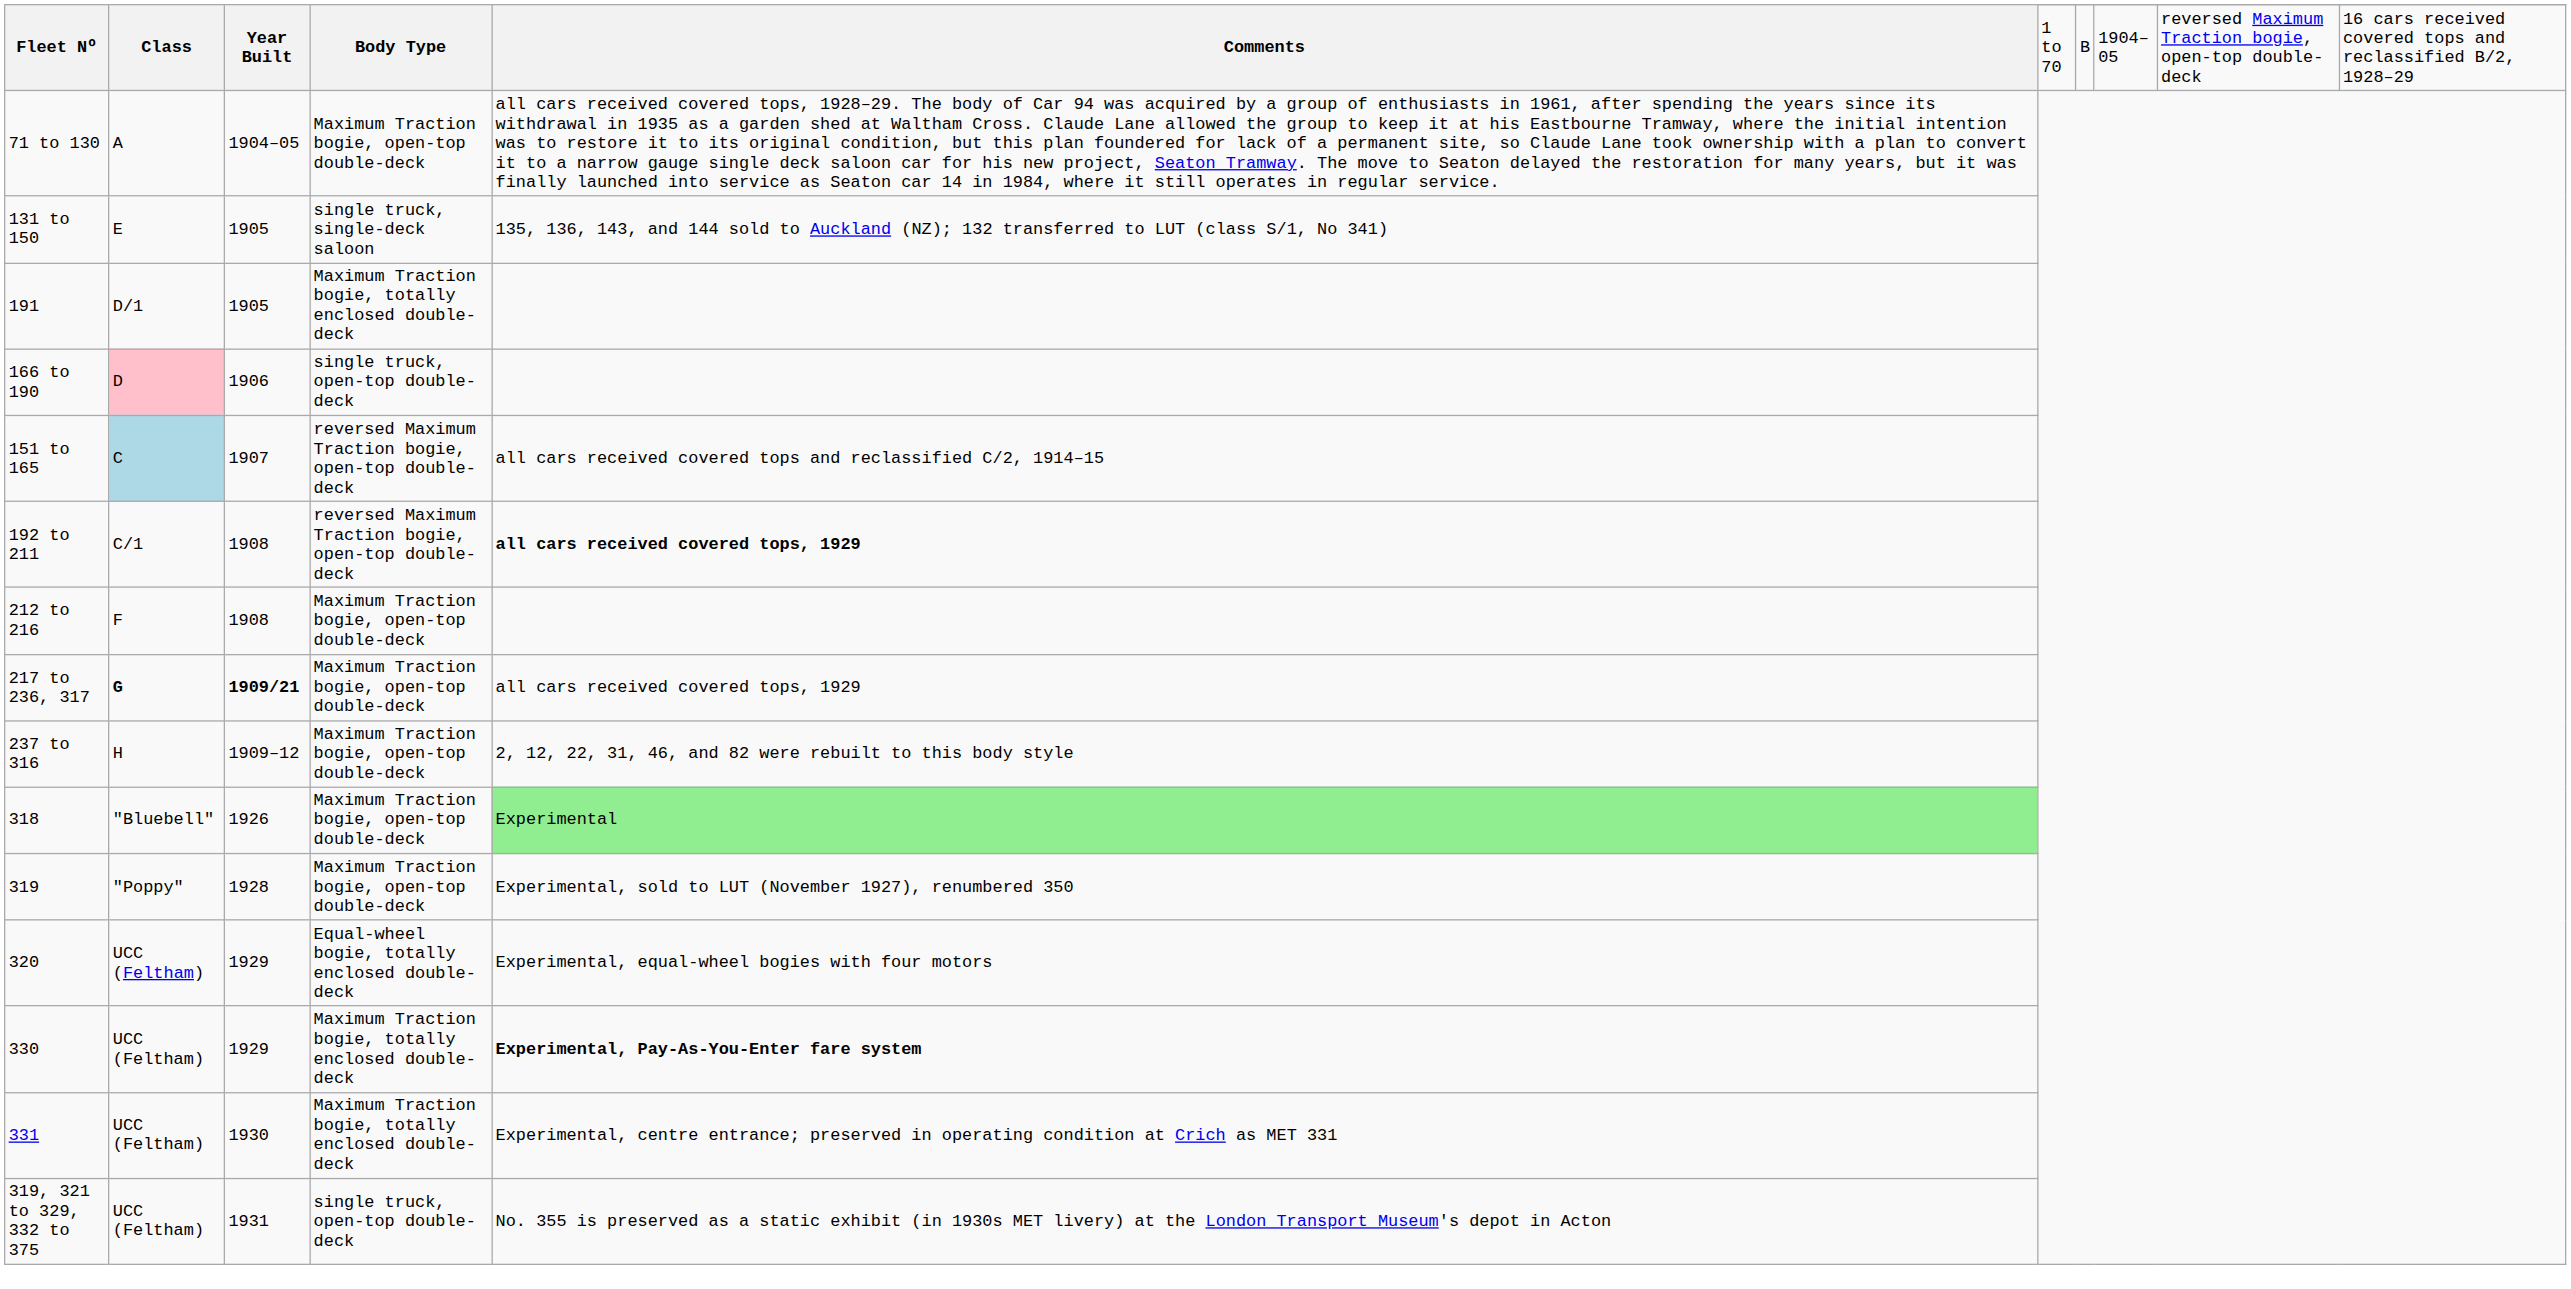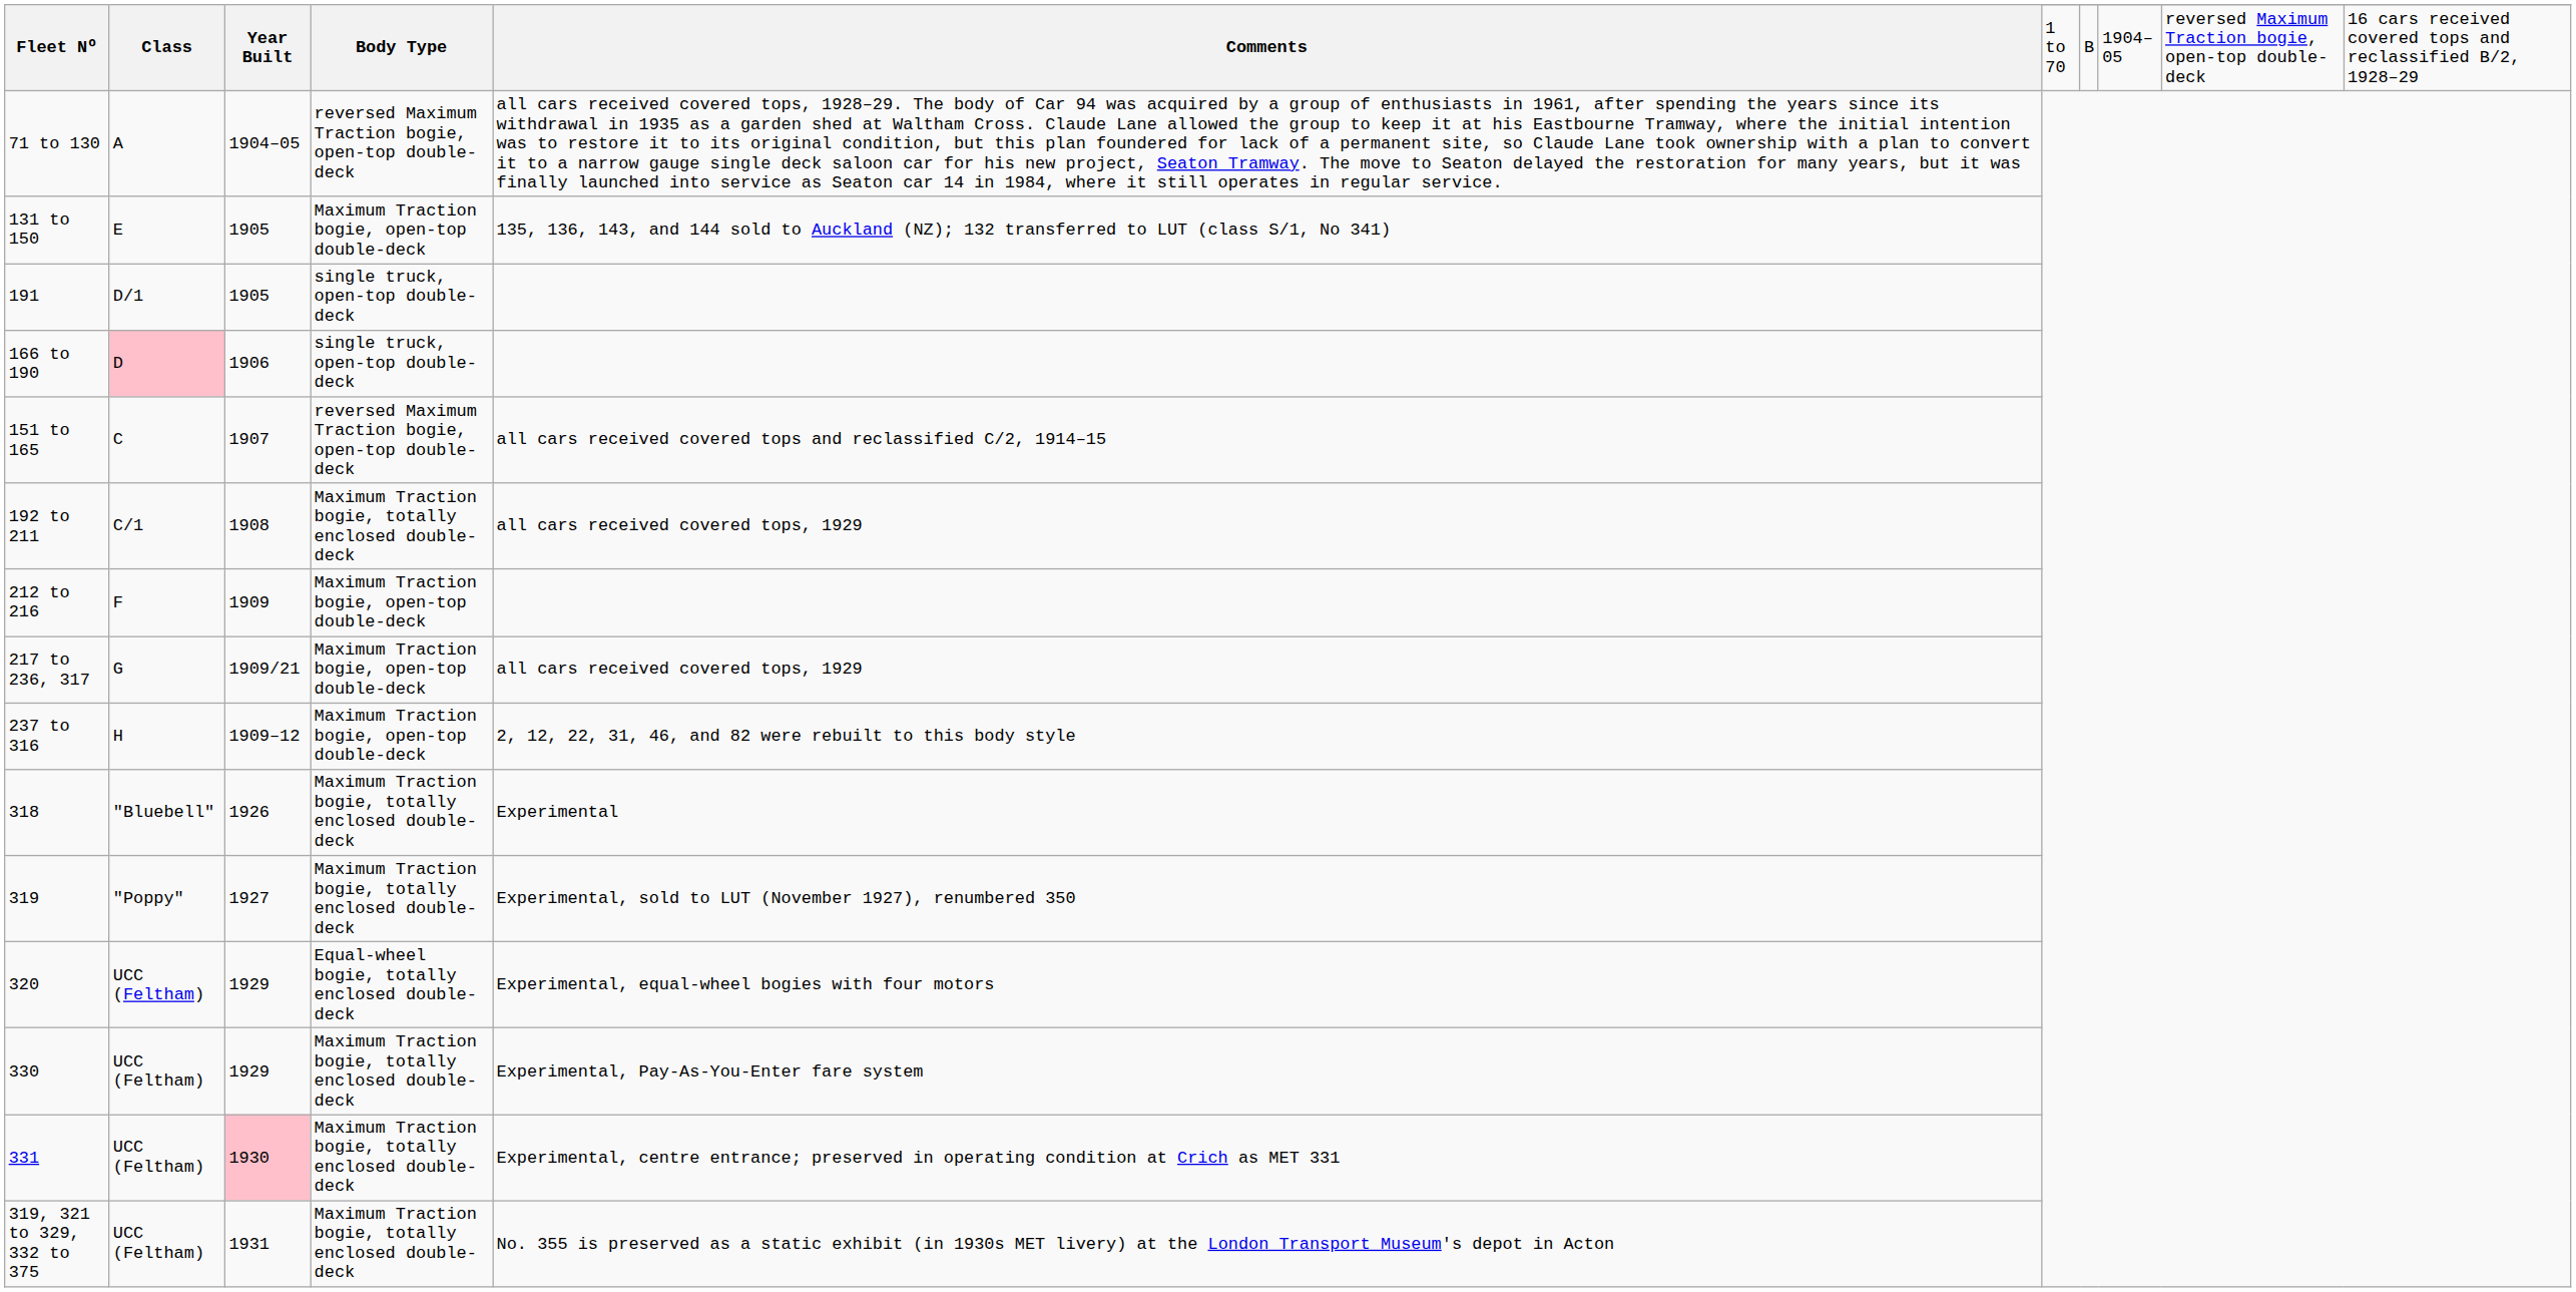 <table class="wikitable sortable">
 <tr>
 <th rowspan=2>Fleet Nº</th>
 <th rowspan=2>Class</th>
 <th rowspan=2>Year Built</th>
 <th rowspan=2>Body Type</th>
 <th rowspan=2>Comments</th>
 </tr>
 <tr>
 <td>1 to 70</td>
 <td>B</td>
 <td>1904–05</td>
 <td>reversed <a href='#'>Maximum Traction bogie</a>, open-top double-deck</td>
 <td>16 cars received covered tops and reclassified B/2, 1928–29</td>
 </tr>
 <tr>
 <td>71 to 130</td>
 <td>A</td>
 <td>1904–05</td>
-<td>Maximum Traction bogie, open-top double-deck</td>
+<td>reversed Maximum Traction bogie, open-top double-deck</td>
 <td>all cars received covered tops, 1928–29. The body of Car 94 was acquired by a group of enthusiasts in 1961, after spending the years since its withdrawal in 1935 as a garden shed at Waltham Cross. Claude Lane allowed the group to keep it at his Eastbourne Tramway, where the initial intention was to restore it to its original condition, but this plan foundered for lack of a permanent site, so Claude Lane took ownership with a plan to convert it to a narrow gauge single deck saloon car for his new project, <a href='#'>Seaton Tramway</a>. The move to Seaton delayed the restoration for many years, but it was finally launched into service as Seaton car 14 in 1984, where it still operates in regular service.</td>
 </tr>
 <tr>
 <td>131 to 150</td>
 <td>E</td>
 <td>1905</td>
-<td>single truck, single-deck saloon</td>
+<td>Maximum Traction bogie, open-top double-deck</td>
 <td>135, 136, 143, and 144 sold to <a href='#'>Auckland</a> (NZ); 132 transferred to LUT (class S/1, No 341)</td>
 </tr>
 <tr>
 <td>191</td>
 <td>D/1</td>
 <td>1905</td>
-<td>Maximum Traction bogie, totally enclosed double-deck</td>
+<td>single truck, open-top double-deck</td>
 <td></td>
 </tr>
 <tr>
 <td>166 to 190</td>
 <td style="background: pink;">D</td>
 <td>1906</td>
 <td>single truck, open-top double-deck</td>
 <td></td>
 </tr>
 <tr>
 <td>151 to 165</td>
-<td style="background: lightblue;">C</td>
+<td>C</td>
 <td>1907</td>
 <td>reversed Maximum Traction bogie, open-top double-deck</td>
 <td>all cars received covered tops and reclassified C/2, 1914–15</td>
 </tr>
 <tr>
 <td>192 to 211</td>
 <td>C/1</td>
 <td>1908</td>
-<td>reversed Maximum Traction bogie, open-top double-deck</td>
-<td><strong>all cars received covered tops, 1929</strong></td>
+<td>Maximum Traction bogie, totally enclosed double-deck</td>
+<td>all cars received covered tops, 1929</td>
 </tr>
 <tr>
 <td>212 to 216</td>
 <td>F</td>
-<td>1908</td>
+<td>1909</td>
 <td>Maximum Traction bogie, open-top double-deck</td>
 <td></td>
 </tr>
 <tr>
 <td>217 to 236, 317</td>
-<td><strong>G</strong></td>
-<td><strong>1909/21</strong></td>
+<td>G</td>
+<td>1909/21</td>
 <td>Maximum Traction bogie, open-top double-deck</td>
 <td>all cars received covered tops, 1929</td>
 </tr>
 <tr>
 <td>237 to 316</td>
 <td>H</td>
 <td>1909–12</td>
 <td>Maximum Traction bogie, open-top double-deck</td>
 <td>2, 12, 22, 31, 46, and 82 were rebuilt to this body style</td>
 </tr>
 <tr>
 <td>318</td>
 <td>"Bluebell"</td>
 <td>1926</td>
-<td>Maximum Traction bogie, open-top double-deck</td>
-<td style="background: lightgreen;">Experimental</td>
+<td>Maximum Traction bogie, totally enclosed double-deck</td>
+<td>Experimental</td>
 </tr>
 <tr>
 <td>319</td>
 <td>"Poppy"</td>
-<td>1928</td>
-<td>Maximum Traction bogie, open-top double-deck</td>
+<td>1927</td>
+<td>Maximum Traction bogie, totally enclosed double-deck</td>
 <td>Experimental, sold to LUT (November 1927), renumbered 350</td>
 </tr>
 <tr>
 <td>320</td>
 <td>UCC (<a href='#'>Feltham</a>)</td>
 <td>1929</td>
 <td>Equal-wheel bogie, totally enclosed double-deck</td>
 <td>Experimental, equal-wheel bogies with four motors</td>
 </tr>
 <tr>
 <td>330</td>
 <td>UCC (Feltham)</td>
 <td>1929</td>
 <td>Maximum Traction bogie, totally enclosed double-deck</td>
-<td><strong>Experimental, Pay-As-You-Enter fare system</strong></td>
+<td>Experimental, Pay-As-You-Enter fare system</td>
 </tr>
 <tr>
 <td><a href='#'>331</a></td>
 <td>UCC (Feltham)</td>
-<td>1930</td>
+<td style="background: pink;">1930</td>
 <td>Maximum Traction bogie, totally enclosed double-deck</td>
 <td>Experimental, centre entrance; preserved in operating condition at <a href='#'>Crich</a> as MET 331</td>
 </tr>
 <tr>
 <td>319, 321 to 329, 332 to 375</td>
 <td>UCC (Feltham)</td>
 <td>1931</td>
-<td>single truck, open-top double-deck</td>
+<td>Maximum Traction bogie, totally enclosed double-deck</td>
 <td>No. 355 is preserved as a static exhibit (in 1930s MET livery) at the <a href='#'>London Transport Museum</a>'s depot in Acton</td>
 </tr>
 </table>
